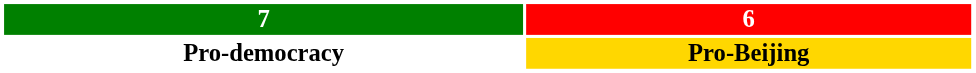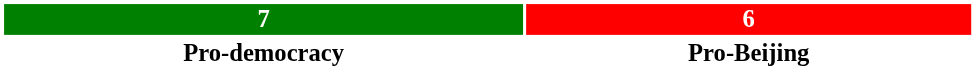 <table style="width:50%; text-align:center;">
 <tr style="color:white;">
 <td style="background:green; width:53.85%;"><strong>7</strong></td>
 <td style="background:red; width:46.15%;"><strong>6</strong></td>
 </tr>
 <tr>
 <td><span><strong>Pro-democracy</strong></span></td>
-<td style="background: gold;"><span><strong>Pro-Beijing</strong></span></td>
+<td><span><strong>Pro-Beijing</strong></span></td>
 </tr>
 </table>
